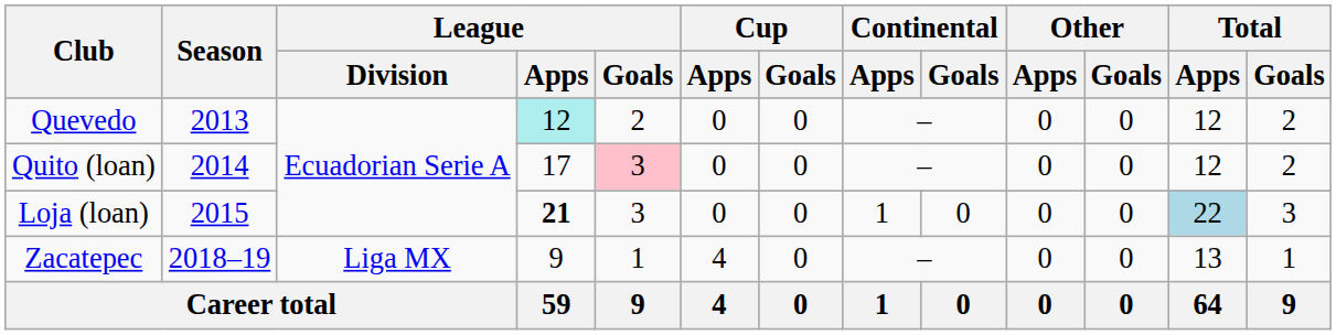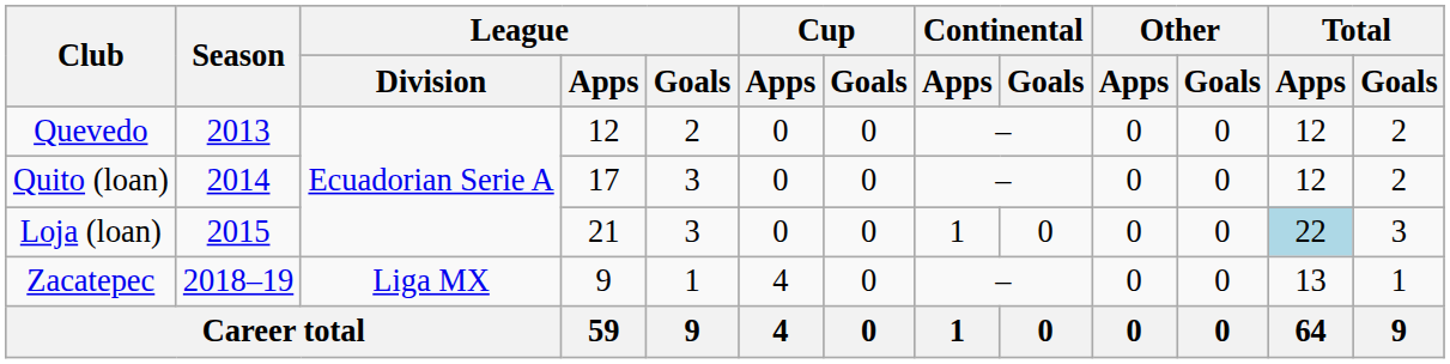 <table class="wikitable" style="text-align: center">
 <tr>
 <th rowspan="2">Club</th>
 <th rowspan="2">Season</th>
 <th colspan="3">League</th>
 <th colspan="2">Cup</th>
 <th colspan="2">Continental</th>
 <th colspan="2">Other</th>
 <th colspan="2">Total</th>
 </tr>
 <tr>
 <th>Division</th>
 <th>Apps</th>
 <th>Goals</th>
 <th>Apps</th>
 <th>Goals</th>
 <th>Apps</th>
 <th>Goals</th>
 <th>Apps</th>
 <th>Goals</th>
 <th>Apps</th>
 <th>Goals</th>
 </tr>
 <tr>
 <td><a href='#'>Quevedo</a></td>
 <td><a href='#'>2013</a></td>
 <td rowspan="3"><a href='#'>Ecuadorian Serie A</a></td>
-<td style="background: paleturquoise;">12</td>
+<td>12</td>
 <td>2</td>
 <td>0</td>
 <td>0</td>
 <td colspan="2">–</td>
 <td>0</td>
 <td>0</td>
 <td>12</td>
 <td>2</td>
 </tr>
 <tr>
 <td><a href='#'>Quito</a> (loan)</td>
 <td><a href='#'>2014</a></td>
 <td>17</td>
-<td style="background: pink;">3</td>
+<td>3</td>
 <td>0</td>
 <td>0</td>
 <td colspan="2">–</td>
 <td>0</td>
 <td>0</td>
 <td>12</td>
 <td>2</td>
 </tr>
 <tr>
 <td><a href='#'>Loja</a> (loan)</td>
 <td><a href='#'>2015</a></td>
-<td><strong>21</strong></td>
+<td>21</td>
 <td>3</td>
 <td>0</td>
 <td>0</td>
 <td>1</td>
 <td>0</td>
 <td>0</td>
 <td>0</td>
 <td style="background: lightblue;">22</td>
 <td>3</td>
 </tr>
 <tr>
 <td><a href='#'>Zacatepec</a></td>
 <td><a href='#'>2018–19</a></td>
 <td><a href='#'>Liga MX</a></td>
 <td>9</td>
 <td>1</td>
 <td>4</td>
 <td>0</td>
 <td colspan="2">–</td>
 <td>0</td>
 <td>0</td>
 <td>13</td>
 <td>1</td>
 </tr>
 <tr>
 <th colspan="3"><strong>Career total</strong></th>
 <th>59</th>
 <th>9</th>
 <th>4</th>
 <th>0</th>
 <th>1</th>
 <th>0</th>
 <th>0</th>
 <th>0</th>
 <th>64</th>
 <th>9</th>
 </tr>
 </table>
